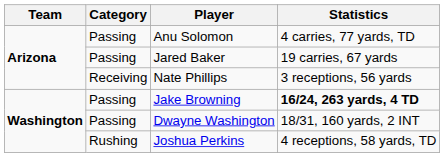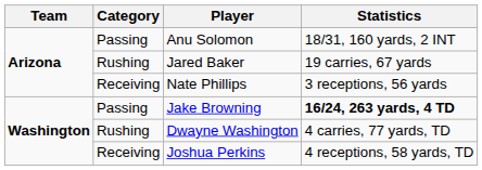 <table class="wikitable" style="float: right;">
 <tr>
 <th>Team</th>
 <th>Category</th>
 <th>Player</th>
 <th>Statistics</th>
 </tr>
 <tr>
 <td rowspan=3><strong>Arizona</strong></td>
 <td>Passing</td>
 <td>Anu Solomon</td>
-<td>4 carries, 77 yards, TD</td>
+<td>18/31, 160 yards, 2 INT</td>
 </tr>
 <tr>
-<td>Passing</td>
+<td>Rushing</td>
 <td>Jared Baker</td>
 <td>19 carries, 67 yards</td>
 </tr>
 <tr>
 <td>Receiving</td>
 <td>Nate Phillips</td>
 <td>3 receptions, 56 yards</td>
 </tr>
 <tr>
 <td rowspan=3><strong>Washington</strong></td>
 <td>Passing</td>
 <td><a href='#'>Jake Browning</a></td>
 <td><strong>16/24, 263 yards, 4 TD</strong></td>
 </tr>
 <tr>
-<td>Passing</td>
+<td>Rushing</td>
 <td><a href='#'>Dwayne Washington</a></td>
-<td>18/31, 160 yards, 2 INT</td>
+<td>4 carries, 77 yards, TD</td>
 </tr>
 <tr>
-<td>Rushing</td>
+<td>Receiving</td>
 <td><a href='#'>Joshua Perkins</a></td>
 <td>4 receptions, 58 yards, TD</td>
 </tr>
 </table>
